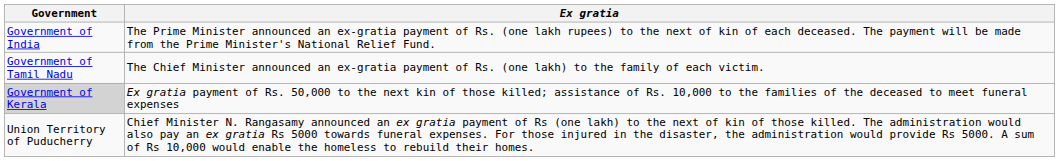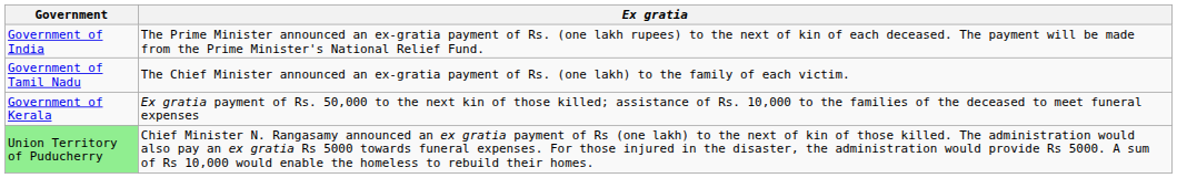 <table class="wikitable">
 <tr>
 <th>Government</th>
 <th><em>Ex gratia</em></th>
 </tr>
 <tr>
 <td><a href='#'>Government of India</a></td>
 <td>The Prime Minister announced an ex-gratia payment of Rs.  (one lakh rupees) to the next of kin of each deceased. The payment will be made from the Prime Minister's National Relief Fund.</td>
 </tr>
 <tr>
 <td><a href='#'>Government of Tamil Nadu</a></td>
 <td>The Chief Minister announced an ex-gratia payment of Rs.  (one lakh) to the family of each victim.</td>
 </tr>
 <tr>
-<td style="background: lightgrey;"><a href='#'>Government of Kerala</a></td>
+<td><a href='#'>Government of Kerala</a></td>
 <td><em>Ex gratia</em> payment of Rs. 50,000 to the next kin of those killed; assistance of Rs. 10,000 to the families of the deceased to meet funeral expenses</td>
 </tr>
 <tr>
-<td>Union Territory of Puducherry</td>
+<td style="background: lightgreen;">Union Territory of Puducherry</td>
 <td>Chief Minister N. Rangasamy announced an <em>ex gratia</em> payment of Rs  (one lakh) to the next of kin of those killed. The administration would also pay an <em>ex gratia</em> Rs 5000 towards funeral expenses. For those injured in the disaster, the administration would provide Rs 5000. A sum of Rs 10,000 would enable the homeless to rebuild their homes.</td>
 </tr>
 </table>
